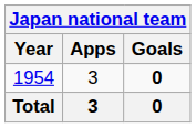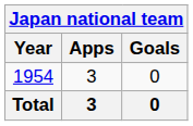 <table class="wikitable" style="text-align:center">
 <tr>
 <th colspan=3><a href='#'>Japan national team</a></th>
 </tr>
 <tr>
 <th>Year</th>
 <th>Apps</th>
 <th>Goals</th>
 </tr>
 <tr>
 <td><a href='#'>1954</a></td>
 <td>3</td>
-<td><strong>0</strong></td>
+<td>0</td>
 </tr>
 <tr>
 <th>Total</th>
 <th>3</th>
 <th>0</th>
 </tr>
 </table>
